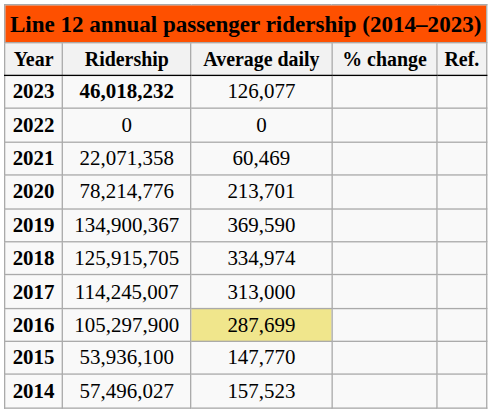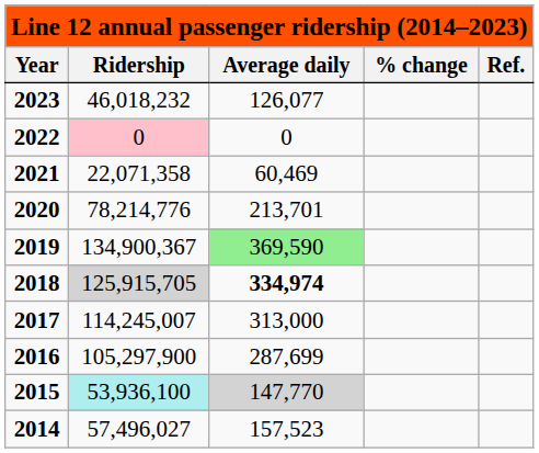 <table class="wikitable sortable cellpadding="4" cellspacing="0" style="text-align:right">
 <tr>
 <th colspan="6" style="background-color:#FE5000; font-size:110%; text-align:center;">Line 12 annual passenger ridership (2014–2023)</th>
 </tr>
 <tr style="font-size:95%; text-align:center">
 <th style="border-bottom:1px solid black">Year</th>
 <th style="border-bottom:1px solid black">Ridership</th>
 <th style="border-bottom:1px solid black">Average daily</th>
 <th style="border-bottom:1px solid black">% change</th>
 <th style="border-bottom:1px solid black">Ref.</th>
 </tr>
 <tr style="text-align:center;">
 <td><strong>2023</strong></td>
-<td><strong>46,018,232</strong></td>
+<td>46,018,232</td>
 <td>126,077</td>
 <td></td>
 <td></td>
 </tr>
 <tr style="text-align:center;">
 <td><strong>2022</strong></td>
-<td>0</td>
+<td style="background: pink;">0</td>
 <td>0</td>
 <td></td>
 <td></td>
 </tr>
 <tr style="text-align:center;">
 <td><strong>2021</strong></td>
 <td>22,071,358</td>
 <td>60,469</td>
 <td></td>
 <td></td>
 </tr>
 <tr style="text-align:center;">
 <td><strong>2020</strong></td>
 <td>78,214,776</td>
 <td>213,701</td>
 <td></td>
 <td></td>
 </tr>
 <tr style="text-align:center;">
 <td><strong>2019</strong></td>
 <td>134,900,367</td>
-<td>369,590</td>
+<td style="background: lightgreen;">369,590</td>
 <td></td>
 <td></td>
 </tr>
 <tr style="text-align:center;">
 <td><strong>2018</strong></td>
-<td>125,915,705</td>
-<td>334,974</td>
+<td style="background: lightgrey;">125,915,705</td>
+<td><strong>334,974</strong></td>
 <td></td>
 <td></td>
 </tr>
 <tr style="text-align:center;">
 <td><strong>2017</strong></td>
 <td>114,245,007</td>
 <td>313,000</td>
 <td></td>
 <td></td>
 </tr>
 <tr style="text-align:center;">
 <td><strong>2016</strong></td>
 <td>105,297,900</td>
-<td style="background: khaki;">287,699</td>
+<td>287,699</td>
 <td></td>
 <td></td>
 </tr>
 <tr style="text-align:center;">
 <td><strong>2015</strong></td>
-<td>53,936,100</td>
-<td>147,770</td>
+<td style="background: paleturquoise;">53,936,100</td>
+<td style="background: lightgrey;">147,770</td>
 <td></td>
 <td></td>
 </tr>
 <tr style="text-align:center;">
 <td><strong>2014</strong></td>
 <td>57,496,027</td>
 <td>157,523</td>
 <td></td>
 <td></td>
 </tr>
 </table>
